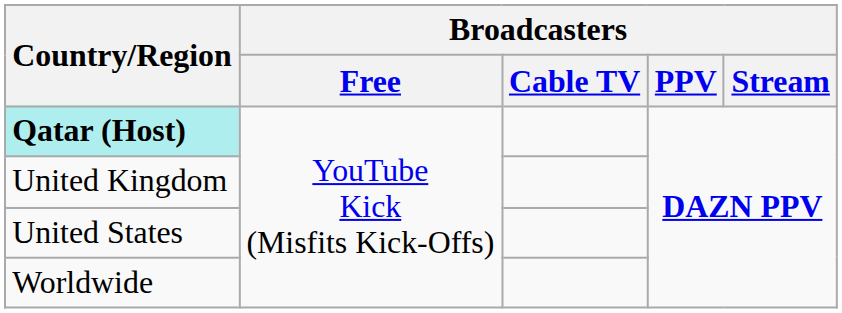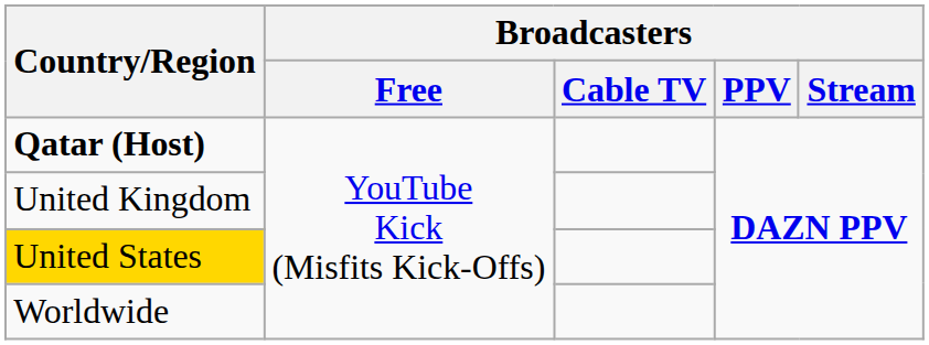 <table class="wikitable">
 <tr>
 <th rowspan="2">Country/Region</th>
 <th colspan="4">Broadcasters</th>
 </tr>
 <tr>
 <th><a href='#'>Free</a></th>
 <th><a href='#'>Cable TV</a></th>
 <th><a href='#'>PPV</a></th>
 <th><a href='#'>Stream</a></th>
 </tr>
 <tr>
-<td style="background: paleturquoise;"><strong>Qatar (Host)</strong></td>
+<td><strong>Qatar (Host)</strong></td>
 <td rowspan="4" align="center"><a href='#'>YouTube</a> <br> <a href='#'>Kick</a> <br> (Misfits Kick-Offs)</td>
 <td></td>
 <td rowspan="4" align="center" colspan="2"><strong><a href='#'>DAZN PPV</a></strong></td>
 </tr>
 <tr>
 <td>United Kingdom</td>
 <td></td>
 </tr>
 <tr>
-<td>United States</td>
+<td style="background: gold;">United States</td>
 <td></td>
 </tr>
 <tr>
 <td>Worldwide</td>
 <td></td>
 </tr>
 </table>
